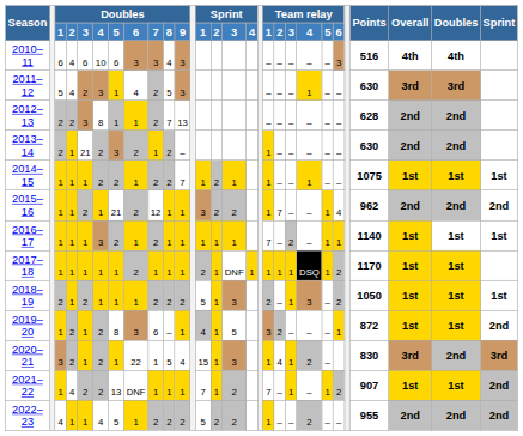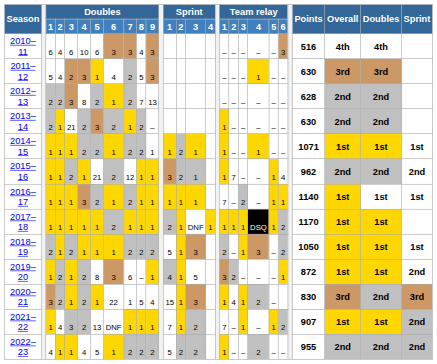 <table class="wikitable" style="font-size:95%; text-align:center; border:grey solid 1px; border-collapse:collapse; background:#ffffff;">
 <tr>
 <th rowspan="2" style="background-color:#369; color:white; width:60px">Season</th>
 <th rowspan="15" width="1px"></th>
 <th colspan="9" style="background-color:#369; color:white;">Doubles</th>
 <th rowspan="15" width="1px"></th>
 <th colspan="4" style="background-color:#369; color:white;">Sprint</th>
 <th rowspan="15" width="1px"></th>
 <th colspan="6" style="background-color:#369; color:white;">Team relay</th>
 <th rowspan="15" width="1px"></th>
 <th rowspan="2" style="background-color:#369; color:white; width:40px">Points</th>
 <th rowspan="2" style="background-color:#369; color:white; width:40px">Overall</th>
 <th rowspan="2" style="background-color:#369; color:white; width:40px">Doubles</th>
 <th rowspan="2" style="background-color:#369; color:white; width:40px">Sprint</th>
 </tr>
 <tr>
 <th style="background-color:#4180be; color:white; width:30px">1</th>
 <th style="background-color:#4180be; color:white; width:30px">2</th>
 <th style="background-color:#4180be; color:white; width:30px">3</th>
 <th style="background-color:#4180be; color:white; width:30px">4</th>
 <th style="background-color:#4180be; color:white; width:30px">5</th>
 <th style="background-color:#4180be; color:white; width:30px">6</th>
 <th style="background-color:#4180be; color:white; width:30px">7</th>
 <th style="background-color:#4180be; color:white; width:30px">8</th>
 <th style="background-color:#4180be; color:white; width:30px">9</th>
 <th style="background-color:#4180be; color:white; width:30px">1</th>
 <th style="background-color:#4180be; color:white; width:30px">2</th>
 <th style="background-color:#4180be; color:white; width:30px">3</th>
 <th style="background-color:#4180be; color:white; width:30px">4</th>
 <th style="background-color:#4180be; color:white; width:30px">1</th>
 <th style="background-color:#4180be; color:white; width:30px">2</th>
 <th style="background-color:#4180be; color:white; width:30px">3</th>
 <th style="background-color:#4180be; color:white; width:30px">4</th>
 <th style="background-color:#4180be; color:white; width:30px">5</th>
 <th style="background-color:#4180be; color:white; width:30px">6</th>
 </tr>
 <tr>
 <td><a href='#'>2010–11</a></td>
 <td><br><small>6</small></td>
 <td><br><small>4</small></td>
 <td><br><small>6</small></td>
 <td><br><small>10</small></td>
 <td><br><small>6</small></td>
 <td style="background:#cc9966;"><br><small>3</small></td>
 <td style="background:#cc9966;"><br><small>3</small></td>
 <td><br><small>4</small></td>
 <td style="background:#cc9966;"><br><small>3</small></td>
 <td></td>
 <td></td>
 <td></td>
 <td></td>
 <td><br><small>–</small></td>
 <td><br><small>–</small></td>
 <td><br><small>–</small></td>
 <td><br><small>–</small></td>
 <td><br><small>–</small></td>
 <td style="background:#cc9966;"><br><small>3</small></td>
 <td><strong>516</strong></td>
 <td><strong>4th</strong></td>
 <td><strong>4th</strong></td>
 <td></td>
 </tr>
 <tr>
 <td><a href='#'>2011–12</a></td>
 <td><br><small>5</small></td>
 <td><br><small>4</small></td>
 <td style="background:#cc9966;"><br><small>2</small></td>
 <td style="background:#cc9966;"><br><small>3</small></td>
 <td style="background:gold;"><br><small>1</small></td>
 <td><br><small>4</small></td>
 <td style="background:silver;"><br><small>2</small></td>
 <td><br><small>5</small></td>
 <td style="background:#cc9966;"><br><small>3</small></td>
 <td></td>
 <td></td>
 <td></td>
 <td></td>
 <td><br><small>–</small></td>
 <td><br><small>–</small></td>
 <td><br><small>–</small></td>
 <td style="background:gold;"><br><small>1</small></td>
 <td><br><small>–</small></td>
 <td><br><small>–</small></td>
 <td><strong>630</strong></td>
 <td style="background:#cc9966;"><strong>3rd</strong></td>
 <td style="background:#cc9966;"><strong>3rd</strong></td>
 <td></td>
 </tr>
 <tr>
 <td><a href='#'>2012–13</a></td>
 <td style="background:silver;"><br><small>2</small></td>
 <td style="background:silver;"><br><small>2</small></td>
 <td style="background:#cc9966;"><br><small>3</small></td>
 <td><br><small>8</small></td>
-<td style="background:silver;"><br><small>1</small></td>
+<td style="background:silver;"><br><small>2</small></td>
 <td style="background:gold;"><br><small>1</small></td>
 <td style="background:silver;"><br><small>2</small></td>
 <td><br><small>7</small></td>
 <td><br><small>13</small></td>
 <td></td>
 <td></td>
 <td></td>
 <td></td>
 <td><br><small>–</small></td>
 <td><br><small>–</small></td>
 <td><br><small>–</small></td>
 <td><br><small>–</small></td>
 <td><br><small>–</small></td>
 <td><br><small>–</small></td>
 <td><strong>628</strong></td>
 <td style="background:silver;"><strong>2nd</strong></td>
 <td style="background:silver;"><strong>2nd</strong></td>
 <td></td>
 </tr>
 <tr>
 <td><a href='#'>2013–14</a></td>
 <td style="background:silver;"><br><small>2</small></td>
 <td style="background:gold;"><br><small>1</small></td>
 <td><br><small>21</small></td>
 <td style="background:silver;"><br><small>2</small></td>
 <td style="background:#cc9966;"><br><small>3</small></td>
 <td style="background:silver;"><br><small>2</small></td>
 <td style="background:gold;"><br><small>1</small></td>
 <td style="background:silver;"><br><small>2</small></td>
 <td><br><small>–</small></td>
 <td></td>
 <td></td>
 <td></td>
 <td></td>
 <td style="background:gold;"><br><small>1</small></td>
 <td><br><small>–</small></td>
 <td><br><small>–</small></td>
 <td><br><small>–</small></td>
 <td><br><small>–</small></td>
 <td><br><small>–</small></td>
 <td><strong>630</strong></td>
 <td style="background:silver;"><strong>2nd</strong></td>
 <td style="background:silver;"><strong>2nd</strong></td>
 <td></td>
 </tr>
 <tr>
 <td><a href='#'>2014–15</a></td>
 <td style="background:gold;"><br><small>1</small></td>
 <td style="background:gold;"><br><small>1</small></td>
 <td style="background:gold;"><br><small>1</small></td>
 <td style="background:silver;"><br><small>2</small></td>
 <td style="background:silver;"><br><small>2</small></td>
 <td style="background:gold;"><br><small>1</small></td>
 <td style="background:silver;"><br><small>2</small></td>
 <td style="background:silver;"><br><small>2</small></td>
-<td><br><small>7</small></td>
+<td><br><small>1</small></td>
 <td style="background:gold;"><br><small>1</small></td>
 <td style="background:silver;"><br><small>2</small></td>
 <td style="background:gold;"><br><small>1</small></td>
 <td></td>
 <td style="background:gold;"><br><small>1</small></td>
 <td><br><small>–</small></td>
 <td><br><small>–</small></td>
 <td style="background:gold;"><br><small>1</small></td>
 <td><br><small>–</small></td>
 <td><br><small>–</small></td>
-<td><strong>1075</strong></td>
+<td><strong>1071</strong></td>
 <td style="background:gold;"><strong>1st</strong></td>
 <td style="background:gold;"><strong>1st</strong></td>
 <td><strong>1st</strong></td>
 </tr>
 <tr>
 <td><a href='#'>2015–16</a></td>
 <td style="background:gold;"><br><small>1</small></td>
 <td style="background:gold;"><br><small>1</small></td>
 <td style="background:silver;"><br><small>2</small></td>
 <td style="background:gold;"><br><small>1</small></td>
 <td><br><small>21</small></td>
 <td style="background:silver;"><br><small>2</small></td>
 <td><br><small>12</small></td>
 <td style="background:gold;"><br><small>1</small></td>
 <td style="background:gold;"><br><small>1</small></td>
 <td style="background:#cc9966;"><br><small>3</small></td>
 <td style="background:silver;"><br><small>2</small></td>
-<td style="background:silver;"><br><small>2</small></td>
+<td style="background:silver;"><br><small>1</small></td>
 <td></td>
 <td style="background:gold;"><br><small>1</small></td>
 <td><br><small>7</small></td>
 <td><br><small>–</small></td>
 <td><br><small>–</small></td>
 <td style="background:gold;"><br><small>1</small></td>
 <td><br><small>4</small></td>
 <td><strong>962</strong></td>
 <td style="background:silver;"><strong>2nd</strong></td>
 <td style="background:silver;"><strong>2nd</strong></td>
 <td><strong>2nd</strong></td>
 </tr>
 <tr>
 <td><a href='#'>2016–17</a></td>
 <td style="background:gold;"><br><small>1</small></td>
 <td style="background:gold;"><br><small>1</small></td>
 <td style="background:gold;"><br><small>1</small></td>
 <td style="background:#cc9966;"><br><small>3</small></td>
 <td style="background:silver;"><br><small>2</small></td>
 <td style="background:gold;"><br><small>1</small></td>
 <td style="background:silver;"><br><small>2</small></td>
 <td style="background:gold;"><br><small>1</small></td>
 <td style="background:gold;"><br><small>1</small></td>
 <td style="background:gold;"><br><small>1</small></td>
 <td style="background:gold;"><br><small>1</small></td>
 <td style="background:gold;"><br><small>1</small></td>
 <td></td>
 <td><br><small>7</small></td>
 <td><br><small>–</small></td>
 <td style="background:silver;"><br><small>2</small></td>
 <td><br><small>–</small></td>
 <td style="background:gold;"><br><small>1</small></td>
 <td style="background:gold;"><br><small>1</small></td>
 <td><strong>1140</strong></td>
 <td style="background:gold;"><strong>1st</strong></td>
 <td 'style="background:gold;"><strong>1st</strong></td>
 <td><strong>1st</strong></td>
 </tr>
 <tr>
 <td><a href='#'>2017–18</a></td>
 <td style="background:gold;"><br><small>1</small></td>
 <td style="background:gold;"><br><small>1</small></td>
 <td style="background:gold;"><br><small>1</small></td>
 <td style="background:gold;"><br><small>1</small></td>
 <td style="background:gold;"><br><small>1</small></td>
 <td style="background:silver;"><br><small>2</small></td>
 <td style="background:gold;"><br><small>1</small></td>
 <td style="background:gold;"><br><small>1</small></td>
 <td style="background:gold;"><br><small>1</small></td>
 <td style="background:silver;"><br><small>2</small></td>
 <td style="background:gold;"><br><small>1</small></td>
 <td><br><small>DNF</small></td>
 <td style="background:gold;"><br><small>1</small></td>
 <td style="background:gold;"><br><small>1</small></td>
 <td style="background:gold;"><br><small>1</small></td>
 <td style="background:gold;"><br><small>1</small></td>
 <td style="background:#000; color:#fff;"><br><small>DSQ</small></td>
 <td style="background:gold;"><br><small>1</small></td>
 <td style="background:silver;"><br><small>2</small></td>
 <td><strong>1170</strong></td>
 <td style="background:gold;"><strong>1st</strong></td>
 <td style="background:gold;"><strong>1st</strong></td>
 <td></td>
 </tr>
 <tr>
 <td><a href='#'>2018–19</a></td>
 <td style="background:silver;"><br><small>2</small></td>
 <td style="background:gold;"><br><small>1</small></td>
 <td style="background:silver;"><br><small>2</small></td>
 <td style="background:gold;"><br><small>1</small></td>
 <td style="background:gold;"><br><small>1</small></td>
 <td style="background:gold;"><br><small>1</small></td>
 <td style="background:silver;"><br><small>2</small></td>
 <td style="background:silver;"><br><small>2</small></td>
 <td style="background:silver;"><br><small>2</small></td>
 <td><br><small>5</small></td>
 <td style="background:gold;"><br><small>1</small></td>
 <td style="background:#cc9966;"><br><small>3</small></td>
 <td></td>
 <td style="background:silver;"><br><small>2</small></td>
 <td><br><small>–</small></td>
 <td style="background:gold;"><br><small>1</small></td>
 <td style="background:#cc9966;"><br><small>3</small></td>
 <td><br><small>–</small></td>
 <td style="background:silver;"><br><small>2</small></td>
 <td><strong>1050</strong></td>
 <td style="background:gold;"><strong>1st</strong></td>
 <td style="background:gold;"><strong>1st</strong></td>
 <td><strong>1st</strong></td>
 </tr>
 <tr>
 <td><a href='#'>2019–20</a></td>
 <td style="background:gold;"><br><small>1</small></td>
 <td style="background:silver;"><br><small>2</small></td>
 <td style="background:gold;"><br><small>1</small></td>
 <td style="background:silver;"><br><small>2</small></td>
 <td><br><small>8</small></td>
 <td style="background:#cc9966;"><br><small>3</small></td>
 <td><br><small>6</small></td>
 <td><br><small>–</small></td>
 <td style="background:gold;"><br><small>1</small></td>
 <td style="background:silver;"><br><small>4</small></td>
 <td style="background:gold;"><br><small>1</small></td>
 <td><br><small>5</small></td>
 <td></td>
 <td style="background:#cc9966;"><br><small>3</small></td>
 <td style="background:silver;"><br><small>2</small></td>
 <td><br><small>–</small></td>
 <td><br><small>–</small></td>
 <td><br><small>–</small></td>
 <td style="background:gold;"><br><small>1</small></td>
 <td><strong>872</strong></td>
 <td style="background:gold;"><strong>1st</strong></td>
 <td style="background:gold;"><strong>1st</strong></td>
 <td><strong>2nd</strong></td>
 </tr>
 <tr>
 <td><a href='#'>2020–21</a></td>
 <td style="background:#cc9966;"><br><small>3</small></td>
 <td style="background:silver;"><br><small>2</small></td>
 <td style="background:gold;"><br><small>1</small></td>
 <td style="background:silver;"><br><small>2</small></td>
 <td style="background:gold;"><br><small>1</small></td>
 <td><br><small>22</small></td>
 <td><br><small>1</small></td>
 <td><br><small>5</small></td>
 <td><br><small>4</small></td>
 <td><br><small>15</small></td>
 <td style="background:gold;"><br><small>1</small></td>
 <td style="background:#cc9966;"><br><small>3</small></td>
 <td></td>
 <td style="background:gold;"><br><small>1</small></td>
 <td><br><small>4</small></td>
 <td style="background:gold;"><br><small>1</small></td>
 <td style="background:silver;"><br><small>2</small></td>
 <td><br><small>–</small></td>
 <td><br><small></small></td>
 <td><strong>830</strong></td>
 <td style="background:#cc9966;"><strong>3rd</strong></td>
 <td style="background:silver;"><strong>2nd</strong></td>
 <td style="background:#cc9966;"><strong>3rd</strong></td>
 </tr>
 <tr>
 <td><a href='#'>2021–22</a></td>
 <td style="background:gold;"><br><small>1</small></td>
 <td><br><small>4</small></td>
-<td style="background:silver;"><br><small>2</small></td>
+<td style="background:silver;"><br><small>3</small></td>
 <td style="background:silver;"><br><small>2</small></td>
 <td><br><small>13</small></td>
 <td><br><small>DNF</small></td>
 <td style="background:gold;"><br><small>1</small></td>
 <td style="background:gold;"><br><small>1</small></td>
 <td style="background:gold;"><br><small>1</small></td>
 <td><br><small>7</small></td>
 <td style="background:gold;"><br><small>1</small></td>
 <td style="background:silver;"><br><small>2</small></td>
 <td></td>
 <td><br><small>7</small></td>
 <td><br><small>–</small></td>
 <td style="background:gold;"><br><small>1</small></td>
 <td><br><small>–</small></td>
 <td style="background:gold;"><br><small>1</small></td>
 <td style="background:silver;"><br><small>2</small></td>
 <td><strong>907</strong></td>
 <td style="background:gold;"><strong>1st</strong></td>
 <td style="background:gold;"><strong>1st</strong></td>
 <td style="background:silver;"><strong>2nd</strong></td>
 </tr>
 <tr>
 <td><a href='#'>2022–23</a></td>
 <td><br><small>4</small></td>
 <td style="background:gold;"><br><small>1</small></td>
 <td style="background:gold;"><br><small>1</small></td>
 <td><br><small>4</small></td>
 <td><br><small>5</small></td>
 <td style="background:gold;"><br><small>1</small></td>
 <td style="background:silver;"><br><small>2</small></td>
 <td style="background:silver;"><br><small>2</small></td>
 <td style="background:silver;"><br><small>2</small></td>
 <td><br><small>5</small></td>
 <td style="background:silver;"><br><small>2</small></td>
 <td style="background:silver;"><br><small>2</small></td>
 <td></td>
 <td style="background:gold;"><br><small>1</small></td>
 <td><br><small>–</small></td>
 <td><br><small>–</small></td>
 <td style="background:silver;"><br><small>2</small></td>
 <td><br><small>– </small></td>
 <td><br><small>– </small></td>
 <td><strong>955</strong></td>
 <td style="background:silver;"><strong>2nd</strong></td>
 <td style="background:silver;"><strong>2nd</strong></td>
 <td style="background:silver;"><strong>2nd</strong></td>
 </tr>
 </table>
